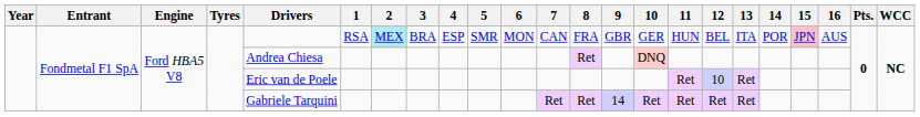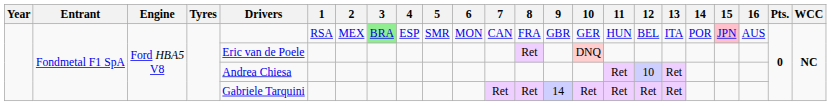 <table class="wikitable" style="text-align:center; font-size:95%;">
 <tr>
 <th>Year</th>
 <th>Entrant</th>
 <th>Engine</th>
 <th>Tyres</th>
 <th>Drivers</th>
 <th>1</th>
 <th>2</th>
 <th>3</th>
 <th>4</th>
 <th>5</th>
 <th>6</th>
 <th>7</th>
 <th>8</th>
 <th>9</th>
 <th>10</th>
 <th>11</th>
 <th>12</th>
 <th>13</th>
 <th>14</th>
 <th>15</th>
 <th>16</th>
 <th>Pts.</th>
 <th>WCC</th>
 </tr>
 <tr>
 <td rowspan="4"></td>
 <td rowspan="4"><a href='#'>Fondmetal F1 SpA</a></td>
 <td rowspan="4"><a href='#'>Ford</a> <em>HBA5</em><br><a href='#'>V8</a></td>
 <td rowspan="4"></td>
 <td></td>
 <td><a href='#'>RSA</a></td>
-<td style="background: paleturquoise;"><a href='#'>MEX</a></td>
-<td><a href='#'>BRA</a></td>
+<td><a href='#'>MEX</a></td>
+<td style="background: lightgreen;"><a href='#'>BRA</a></td>
 <td><a href='#'>ESP</a></td>
 <td><a href='#'>SMR</a></td>
 <td><a href='#'>MON</a></td>
 <td><a href='#'>CAN</a></td>
 <td><a href='#'>FRA</a></td>
 <td><a href='#'>GBR</a></td>
 <td><a href='#'>GER</a></td>
 <td><a href='#'>HUN</a></td>
 <td><a href='#'>BEL</a></td>
 <td><a href='#'>ITA</a></td>
 <td><a href='#'>POR</a></td>
 <td style="background: pink;"><a href='#'>JPN</a></td>
 <td><a href='#'>AUS</a></td>
 <td rowspan="4"><strong>0</strong></td>
 <td rowspan="4"><strong>NC</strong></td>
 </tr>
 <tr>
-<td align="left"><a href='#'>Andrea Chiesa</a></td>
+<td align="left"><a href='#'>Eric van de Poele</a></td>
 <td></td>
 <td></td>
 <td></td>
 <td></td>
 <td></td>
 <td></td>
 <td></td>
 <td style="background:#efcfff;">Ret</td>
 <td></td>
 <td style="background:#FFCFCF;">DNQ</td>
 <td></td>
 <td></td>
 <td></td>
 <td></td>
 <td></td>
 <td></td>
 </tr>
 <tr>
-<td align="left"><a href='#'>Eric van de Poele</a></td>
+<td align="left"><a href='#'>Andrea Chiesa</a></td>
 <td></td>
 <td></td>
 <td></td>
 <td></td>
 <td></td>
 <td></td>
 <td></td>
 <td></td>
 <td></td>
 <td></td>
 <td style="background:#efcfff;">Ret</td>
 <td style="background:#cfcfff;">10</td>
 <td style="background:#efcfff;">Ret</td>
 <td></td>
 <td></td>
 <td></td>
 </tr>
 <tr>
 <td align="left"><a href='#'>Gabriele Tarquini</a></td>
 <td></td>
 <td></td>
 <td></td>
 <td></td>
 <td></td>
 <td></td>
 <td style="background:#efcfff;">Ret</td>
 <td style="background:#efcfff;">Ret</td>
 <td style="background:#cfcfff;">14</td>
 <td style="background:#efcfff;">Ret</td>
 <td style="background:#efcfff;">Ret</td>
 <td style="background:#efcfff;">Ret</td>
 <td style="background:#efcfff;">Ret</td>
 <td></td>
 <td></td>
 <td></td>
 </tr>
 </table>
